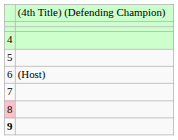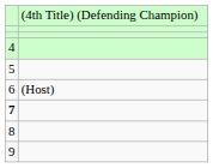 <table class="wikitable" width="250px">
 <tr bgcolor=#ccffcc>
 <td align=center></td>
 <td> (4th Title) (Defending Champion)</td>
 </tr>
 <tr bgcolor=#ccffcc>
 <td align=center></td>
 <td></td>
 </tr>
 <tr bgcolor=#ccffcc>
 <td align=center></td>
 <td></td>
 </tr>
 <tr bgcolor=#ccffcc>
 <td align=center>4</td>
 <td></td>
 </tr>
 <tr>
 <td align=center>5</td>
 <td></td>
 </tr>
 <tr>
 <td align=center>6</td>
 <td> (Host)</td>
 </tr>
 <tr>
-<td align=center>7</td>
+<td align=center><strong>7</strong></td>
 <td></td>
 </tr>
 <tr>
-<td align=center style="background: pink;">8</td>
+<td align=center>8</td>
 <td></td>
 </tr>
 <tr>
-<td align=center><strong>9</strong></td>
+<td align=center>9</td>
 <td></td>
 </tr>
 </table>
